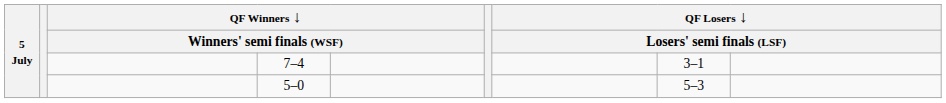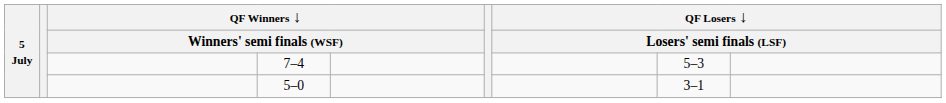 <table class="wikitable" style="font-size: 90%;">
 <tr>
 <th rowspan="4" width=30><small>5<br>July</small></th>
 <th rowspan="4" width=1></th>
 <th colspan=3><small>QF Winners</small> <big>↓</big></th>
 <th rowspan="4" width=1></th>
 <th colspan=3><small>QF Losers</small> <big>↓</big></th>
 </tr>
 <tr>
 <th colspan=3>Winners' semi finals <small>(WSF)</small></th>
 <th colspan=3>Losers' semi finals <small>(LSF)</small></th>
 </tr>
 <tr>
 <td align="right" width=215></td>
 <td align="center" width=70>7–4</td>
 <td width=155></td>
 <td align="right" width=168></td>
-<td align="center" width=70>3–1 </td>
+<td align="center">5–3</td>
 <td width=215></td>
 </tr>
 <tr>
 <td align="right"></td>
 <td align="center">5–0</td>
 <td></td>
 <td width="80" align="right"></td>
-<td align="center">5–3</td>
+<td align="center" width=70>3–1 </td>
 <td></td>
 </tr>
 </table>
